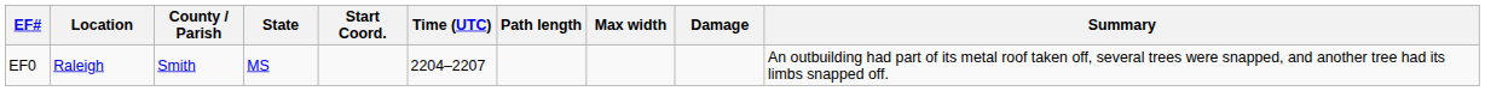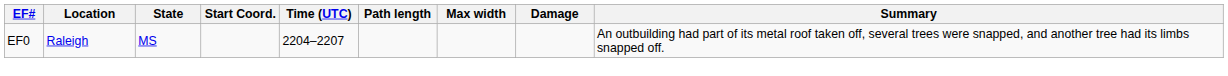 <table class="wikitable sortable" style="width:100%;">
 <tr>
 <th scope="col"  style="width:3%; text-align:center;"><a href='#'>EF#</a></th>
 <th scope="col"  style="width:7%; text-align:center;" class="unsortable">Location</th>
-<th scope="col"  style="width:6%; text-align:center;" class="unsortable">County / Parish</th>
 <th scope="col"  style="width:5%; text-align:center;">State</th>
 <th scope="col"  style="width:6%; text-align:center;">Start Coord.</th>
 <th scope="col"  style="width:6%; text-align:center;">Time (<a href='#'>UTC</a>)</th>
 <th scope="col"  style="width:6%; text-align:center;">Path length</th>
 <th scope="col"  style="width:6%; text-align:center;">Max width</th>
 <th scope="col"  style="width:6%; text-align:center;">Damage</th>
 <th scope="col" class="unsortable" style="width:48%; text-align:center;">Summary</th>
 </tr>
 <tr>
 <td>EF0</td>
 <td><a href='#'>Raleigh</a></td>
-<td><a href='#'>Smith</a></td>
 <td><a href='#'>MS</a></td>
 <td></td>
 <td>2204–2207</td>
 <td></td>
 <td></td>
 <td></td>
 <td>An outbuilding had part of its metal roof taken off, several trees were snapped, and another tree had its limbs snapped off.</td>
 </tr>
 </table>
